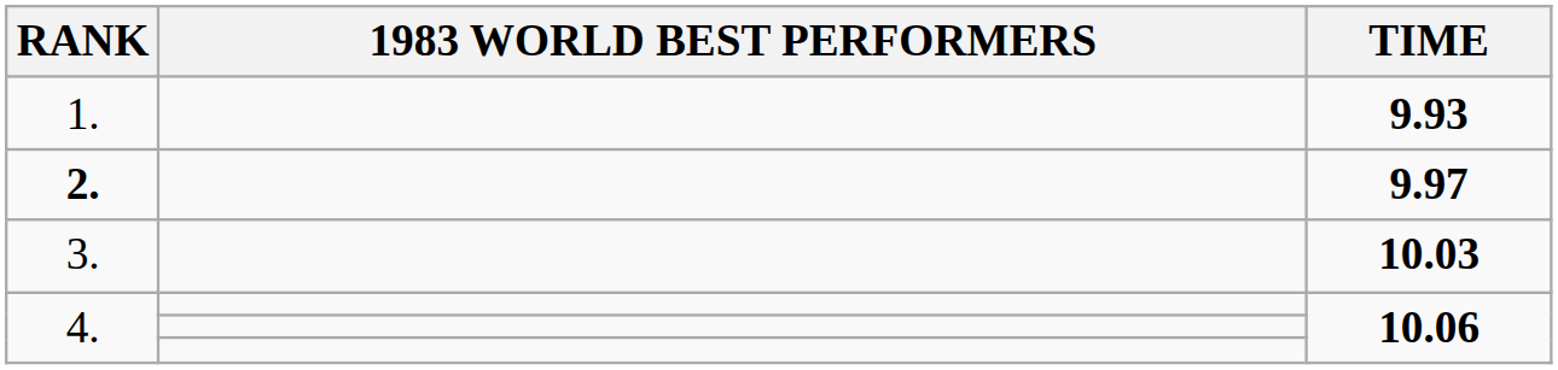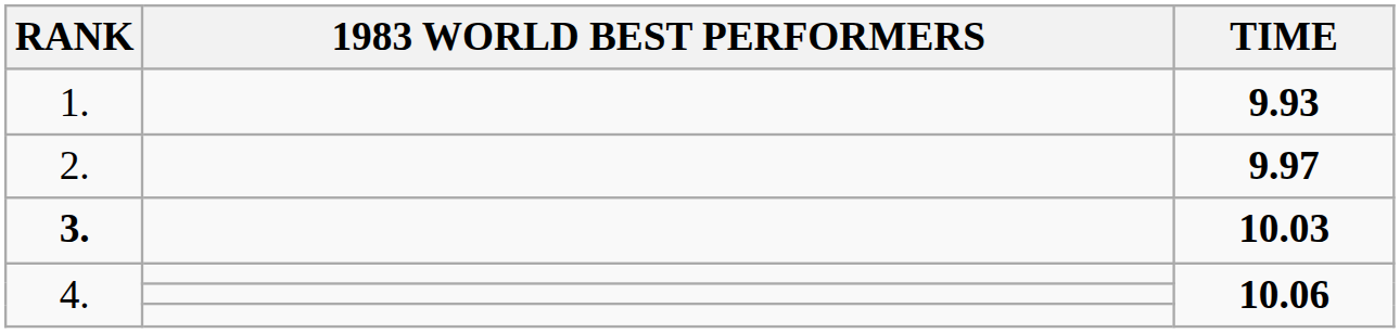 <table class=wikitable>
 <tr>
 <th>RANK</th>
 <th align="center" style="width: 25em">1983 WORLD BEST PERFORMERS</th>
 <th align="center" style="width: 5em">TIME</th>
 </tr>
 <tr>
 <td align="center">1.</td>
 <td></td>
 <td align="center"><strong>9.93</strong></td>
 </tr>
 <tr>
-<td align="center"><strong>2.</strong></td>
+<td align="center">2.</td>
 <td></td>
 <td align="center"><strong>9.97</strong></td>
 </tr>
 <tr>
-<td align="center">3.</td>
+<td align="center"><strong>3.</strong></td>
 <td></td>
 <td align="center"><strong>10.03</strong></td>
 </tr>
 <tr>
 <td rowspan=3 align="center">4.</td>
 <td></td>
 <td rowspan=3 align="center"><strong>10.06</strong></td>
 </tr>
 <tr>
 <td></td>
 </tr>
 <tr>
 <td></td>
 </tr>
 </table>
